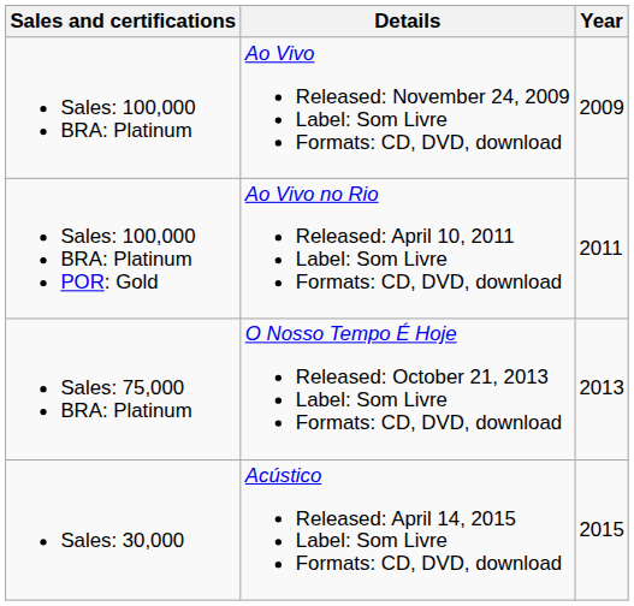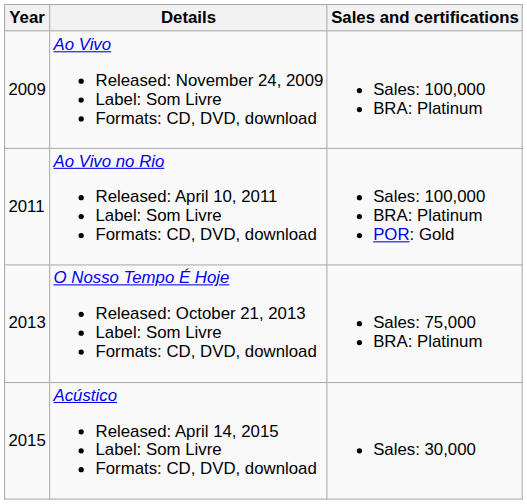 <table class="wikitable">
 <tr>
+<th>Year</th>
+<th>Details</th>
 <th>Sales and certifications</th>
-<th>Details</th>
-<th>Year</th>
 </tr>
 <tr>
+<td>2009</td>
+<td><em><a href='#'>Ao Vivo</a></em><br><ul><li>Released: November 24, 2009</li><li>Label: Som Livre</li><li>Formats: CD, DVD, download</li></ul></td>
 <td><br><ul><li>Sales: 100,000</li><li>BRA: Platinum</li></ul></td>
-<td><em><a href='#'>Ao Vivo</a></em><br><ul><li>Released: November 24, 2009</li><li>Label: Som Livre</li><li>Formats: CD, DVD, download</li></ul></td>
-<td>2009</td>
 </tr>
 <tr>
+<td>2011</td>
+<td><em><a href='#'>Ao Vivo no Rio</a></em><br><ul><li>Released: April 10, 2011</li><li>Label:  Som Livre</li><li>Formats: CD, DVD, download</li></ul></td>
 <td><br><ul><li>Sales: 100,000</li><li>BRA: Platinum</li><li><a href='#'>POR</a>: Gold</li></ul></td>
-<td><em><a href='#'>Ao Vivo no Rio</a></em><br><ul><li>Released: April 10, 2011</li><li>Label:  Som Livre</li><li>Formats: CD, DVD, download</li></ul></td>
-<td>2011</td>
 </tr>
 <tr>
+<td>2013</td>
+<td><em><a href='#'>O Nosso Tempo É Hoje</a></em><br><ul><li>Released: October 21, 2013</li><li>Label: Som Livre</li><li>Formats: CD, DVD, download</li></ul></td>
 <td><br><ul><li>Sales: 75,000</li><li>BRA: Platinum</li></ul></td>
-<td><em><a href='#'>O Nosso Tempo É Hoje</a></em><br><ul><li>Released: October 21, 2013</li><li>Label: Som Livre</li><li>Formats: CD, DVD, download</li></ul></td>
-<td>2013</td>
 </tr>
 <tr>
+<td>2015</td>
+<td><em><a href='#'>Acústico</a></em><br><ul><li>Released: April 14, 2015</li><li>Label: Som Livre</li><li>Formats: CD, DVD, download</li></ul></td>
 <td><br><ul><li>Sales: 30,000</li></ul></td>
-<td><em><a href='#'>Acústico</a></em><br><ul><li>Released: April 14, 2015</li><li>Label: Som Livre</li><li>Formats: CD, DVD, download</li></ul></td>
-<td>2015</td>
 </tr>
 </table>
